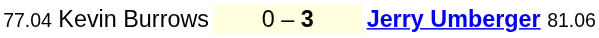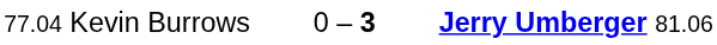 <table style="text-align:center">
 <tr>
 <th width=223></th>
 <th width=100></th>
 <th width=223></th>
 </tr>
 <tr>
 <td align=right><small>77.04</small> Kevin Burrows </td>
-<td style="background: lightyellow;">0 – <strong>3</strong></td>
+<td>0 – <strong>3</strong></td>
 <td align=left> <strong><a href='#'>Jerry Umberger</a></strong> <small>81.06</small></td>
 </tr>
 </table>
